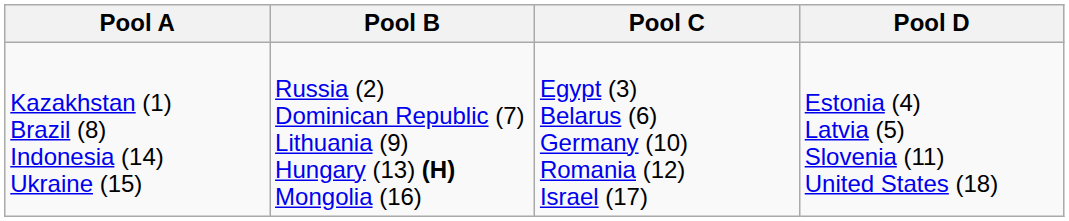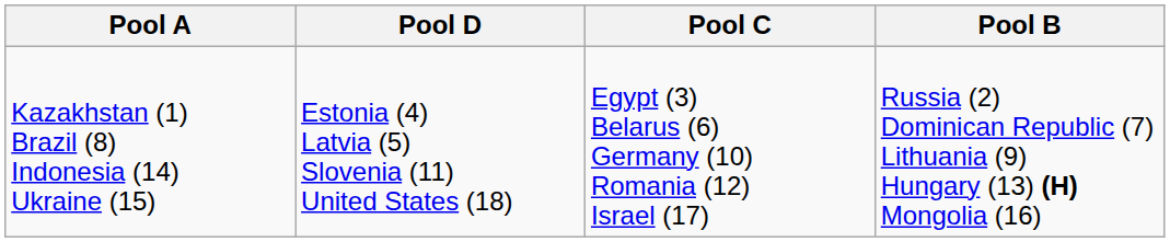 <table class="wikitable" width=80%>
 <tr>
 <th width=25%><strong>Pool A</strong></th>
+<th width=25%><strong>Pool D</strong></th>
+<th width=25%><strong>Pool C</strong></th>
 <th width=25%><strong>Pool B</strong></th>
-<th width=25%><strong>Pool C</strong></th>
-<th width=25%><strong>Pool D</strong></th>
 </tr>
 <tr>
 <td><br> <a href='#'>Kazakhstan</a> (1) <br>  <a href='#'>Brazil</a> (8) <br>  <a href='#'>Indonesia</a> (14) <br>  <a href='#'>Ukraine</a> (15)</td>
+<td><br> <a href='#'>Estonia</a> (4) <br>  <a href='#'>Latvia</a> (5) <br>  <a href='#'>Slovenia</a> (11) <br>  <a href='#'>United States</a> (18) <br></td>
+<td><br> <a href='#'>Egypt</a> (3) <br>  <a href='#'>Belarus</a> (6)<br>   <a href='#'>Germany</a> (10)<br>  <a href='#'>Romania</a> (12)<br>   <a href='#'>Israel</a> (17)<br></td>
 <td><br> <a href='#'>Russia</a> (2) <br>  <a href='#'>Dominican Republic</a> (7)<br>   <a href='#'>Lithuania</a> (9)<br>  <a href='#'>Hungary</a> (13) <strong>(H)</strong><br>   <a href='#'>Mongolia</a> (16)<br></td>
-<td><br> <a href='#'>Egypt</a> (3) <br>  <a href='#'>Belarus</a> (6)<br>   <a href='#'>Germany</a> (10)<br>  <a href='#'>Romania</a> (12)<br>   <a href='#'>Israel</a> (17)<br></td>
-<td><br> <a href='#'>Estonia</a> (4) <br>  <a href='#'>Latvia</a> (5) <br>  <a href='#'>Slovenia</a> (11) <br>  <a href='#'>United States</a> (18) <br></td>
 </tr>
 </table>
